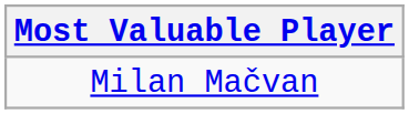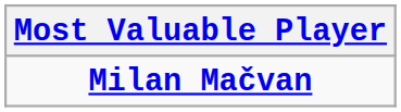 <table class=wikitable style="text-align:center; margin:auto">
 <tr>
 <th><a href='#'>Most Valuable Player</a></th>
 </tr>
 <tr>
-<td> <a href='#'>Milan Mačvan</a></td>
+<td><strong> <a href='#'>Milan Mačvan</a></strong></td>
 </tr>
 </table>
